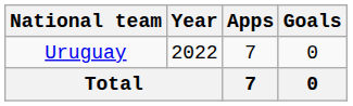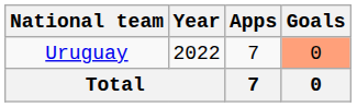 <table class="wikitable" style="text-align:center">
 <tr>
 <th>National team</th>
 <th>Year</th>
 <th>Apps</th>
 <th>Goals</th>
 </tr>
 <tr>
 <td rowspan="1"><a href='#'>Uruguay</a></td>
 <td>2022</td>
 <td>7</td>
-<td>0</td>
+<td style="background: lightsalmon;">0</td>
 </tr>
 <tr>
 <th colspan="2">Total</th>
 <th>7</th>
 <th>0</th>
 </tr>
 </table>
